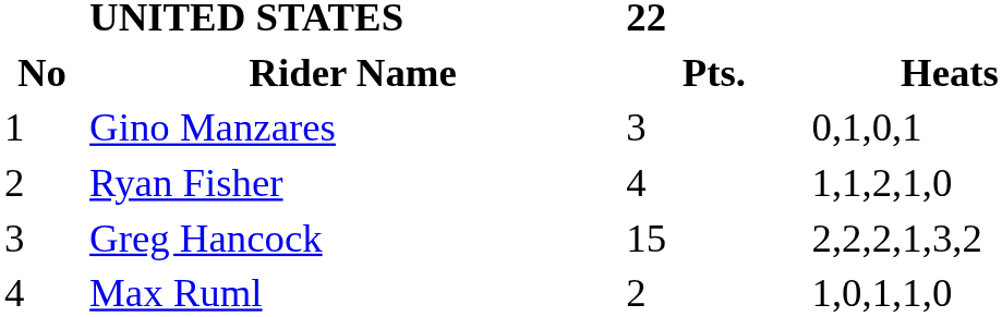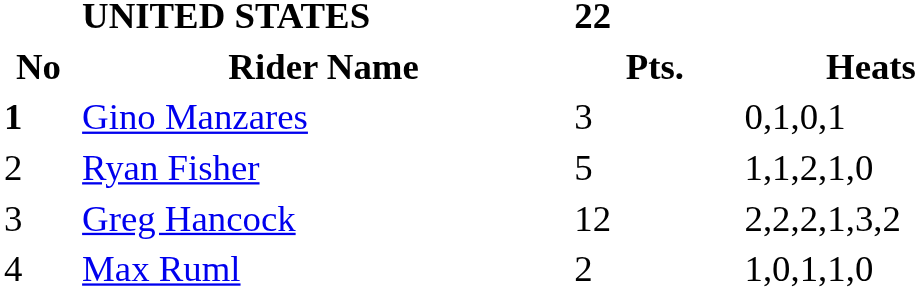 <table class="toccolours">
 <tr>
 <td></td>
 <td><strong>UNITED STATES</strong></td>
 <td><strong>22</strong></td>
 </tr>
 <tr style="background: ">
 <th width=30px>No</th>
 <th width=210px>Rider Name</th>
 <th width=70px>Pts.</th>
 <th width=110px>Heats</th>
 </tr>
 <tr style="background-color:">
-<td>1</td>
+<td><strong>1</strong></td>
 <td><a href='#'>Gino Manzares</a></td>
 <td>3</td>
 <td>0,1,0,1</td>
 </tr>
 <tr style="background-color:">
 <td>2</td>
 <td><a href='#'>Ryan Fisher</a></td>
-<td>4</td>
+<td>5</td>
 <td>1,1,2,1,0</td>
 </tr>
 <tr style="background-color:">
 <td>3</td>
 <td><a href='#'>Greg Hancock</a></td>
-<td>15</td>
+<td>12</td>
 <td>2,2,2,1,3,2</td>
 </tr>
 <tr style="background-color:">
 <td>4</td>
 <td><a href='#'>Max Ruml</a></td>
 <td>2</td>
 <td>1,0,1,1,0</td>
 </tr>
 </table>
